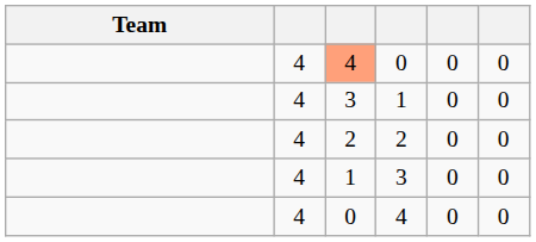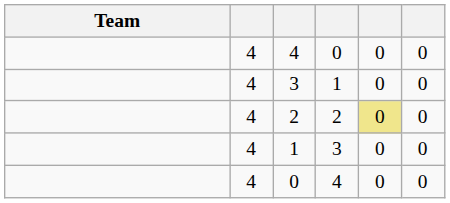 <table class="wikitable" style="text-align: center; font-size:90% ">
 <tr>
 <th width=160>Team</th>
 <th width=25></th>
 <th width=25></th>
 <th width=25></th>
 <th width=25></th>
 <th width=25></th>
 </tr>
 <tr>
 <td align=left></td>
 <td>4</td>
-<td style="background: lightsalmon;">4</td>
+<td>4</td>
 <td>0</td>
 <td>0</td>
 <td>0</td>
 </tr>
 <tr>
 <td align=left></td>
 <td>4</td>
 <td>3</td>
 <td>1</td>
 <td>0</td>
 <td>0</td>
 </tr>
 <tr>
 <td align=left></td>
 <td>4</td>
 <td>2</td>
 <td>2</td>
-<td>0</td>
+<td style="background: khaki;">0</td>
 <td>0</td>
 </tr>
 <tr>
 <td align=left></td>
 <td>4</td>
 <td>1</td>
 <td>3</td>
 <td>0</td>
 <td>0</td>
 </tr>
 <tr>
 <td align=left></td>
 <td>4</td>
 <td>0</td>
 <td>4</td>
 <td>0</td>
 <td>0</td>
 </tr>
 </table>
